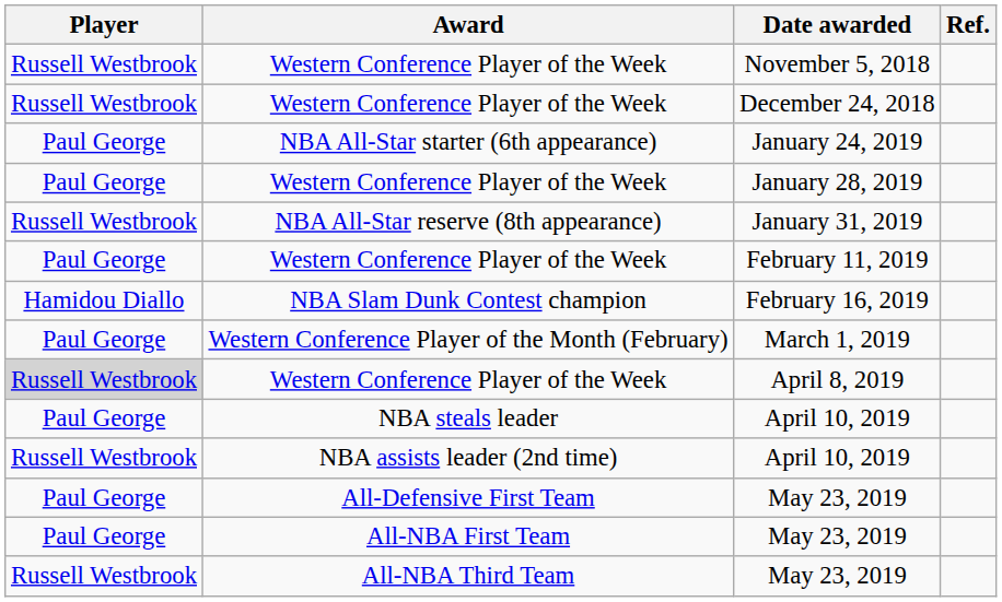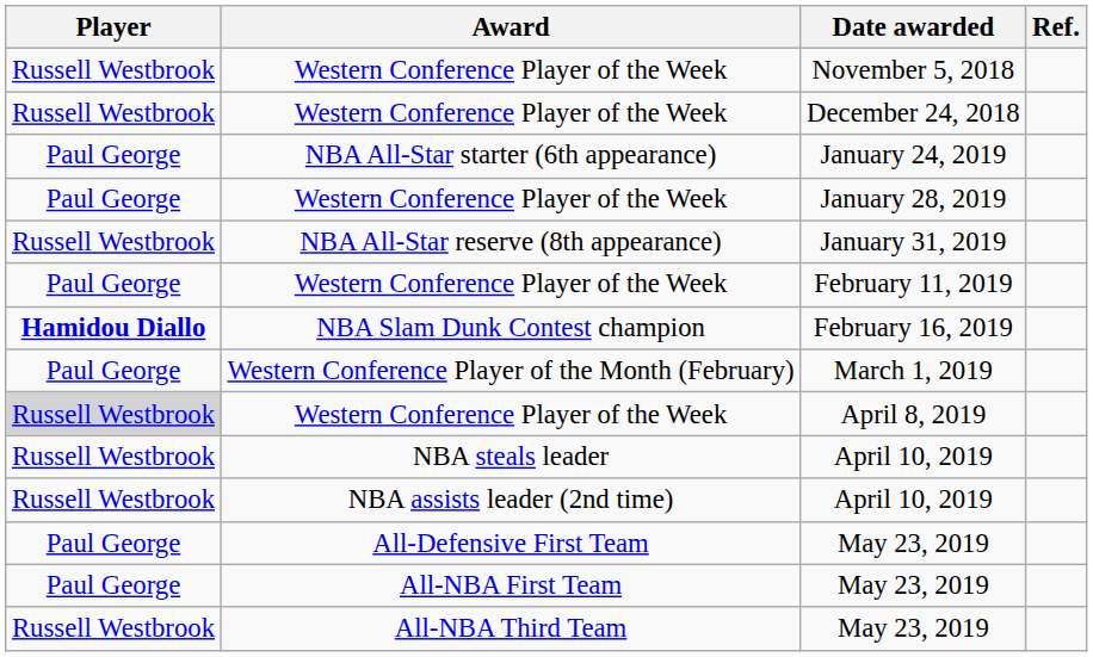 <table class="wikitable sortable sortable" style="text-align: center">
 <tr>
 <th>Player</th>
 <th>Award</th>
 <th>Date awarded</th>
 <th>Ref.</th>
 </tr>
 <tr>
 <td><a href='#'>Russell Westbrook</a></td>
 <td><a href='#'>Western Conference</a> Player of the Week</td>
 <td>November 5, 2018</td>
 <td align=center></td>
 </tr>
 <tr>
 <td><a href='#'>Russell Westbrook</a></td>
 <td><a href='#'>Western Conference</a> Player of the Week</td>
 <td>December 24, 2018</td>
 <td align=center></td>
 </tr>
 <tr>
 <td><a href='#'>Paul George</a></td>
 <td><a href='#'>NBA All-Star</a> starter (6th appearance)</td>
 <td>January 24, 2019</td>
 <td align=center></td>
 </tr>
 <tr>
 <td><a href='#'>Paul George</a></td>
 <td><a href='#'>Western Conference</a> Player of the Week</td>
 <td>January 28, 2019</td>
 <td align=center></td>
 </tr>
 <tr>
 <td><a href='#'>Russell Westbrook</a></td>
 <td><a href='#'>NBA All-Star</a> reserve (8th appearance)</td>
 <td>January 31, 2019</td>
 <td align=center></td>
 </tr>
 <tr>
 <td><a href='#'>Paul George</a></td>
 <td><a href='#'>Western Conference</a> Player of the Week</td>
 <td>February 11, 2019</td>
 <td align=center></td>
 </tr>
 <tr>
-<td><a href='#'>Hamidou Diallo</a></td>
+<td><strong><a href='#'>Hamidou Diallo</a></strong></td>
 <td><a href='#'>NBA Slam Dunk Contest</a> champion</td>
 <td>February 16, 2019</td>
 <td align=center></td>
 </tr>
 <tr>
 <td><a href='#'>Paul George</a></td>
 <td><a href='#'>Western Conference</a> Player of the Month (February)</td>
 <td>March 1, 2019</td>
 <td align=center></td>
 </tr>
 <tr>
 <td style="background: lightgrey;"><a href='#'>Russell Westbrook</a></td>
 <td><a href='#'>Western Conference</a> Player of the Week</td>
 <td>April 8, 2019</td>
 <td align=center></td>
 </tr>
 <tr>
-<td><a href='#'>Paul George</a></td>
+<td><a href='#'>Russell Westbrook</a></td>
 <td>NBA <a href='#'>steals</a> leader</td>
 <td>April 10, 2019</td>
 <td align=center></td>
 </tr>
 <tr>
 <td><a href='#'>Russell Westbrook</a></td>
 <td>NBA <a href='#'>assists</a> leader (2nd time)</td>
 <td>April 10, 2019</td>
 <td align=center></td>
 </tr>
 <tr>
 <td><a href='#'>Paul George</a></td>
 <td><a href='#'>All-Defensive First Team</a></td>
 <td>May 23, 2019</td>
 <td align=center></td>
 </tr>
 <tr>
 <td><a href='#'>Paul George</a></td>
 <td><a href='#'>All-NBA First Team</a></td>
 <td>May 23, 2019</td>
 <td align=center></td>
 </tr>
 <tr>
 <td><a href='#'>Russell Westbrook</a></td>
 <td><a href='#'>All-NBA Third Team</a></td>
 <td>May 23, 2019</td>
 <td align=center></td>
 </tr>
 </table>
